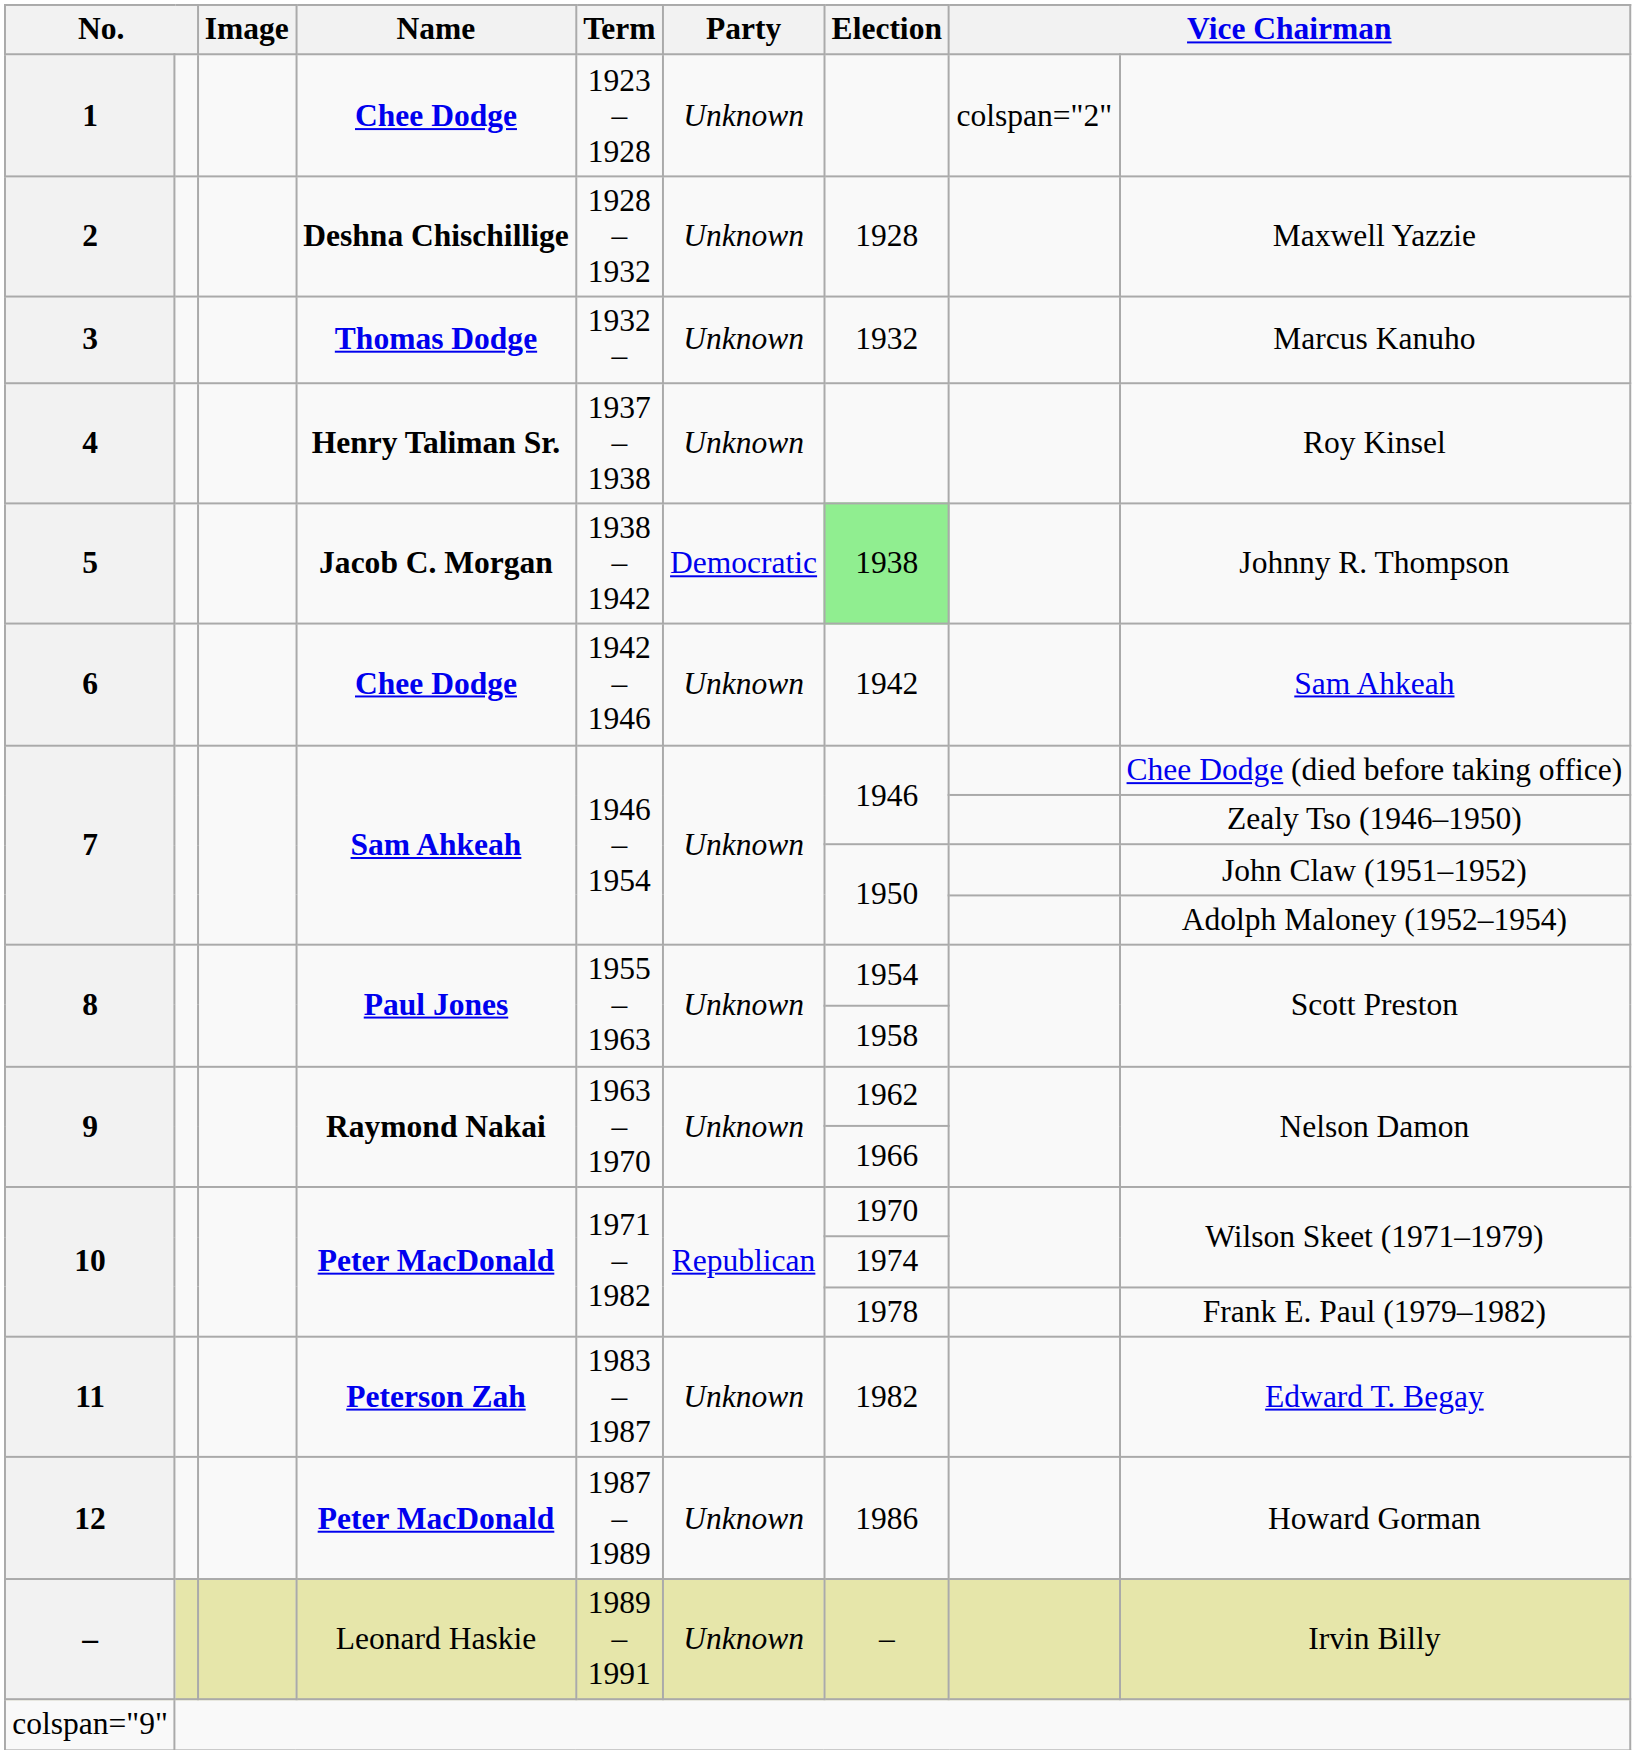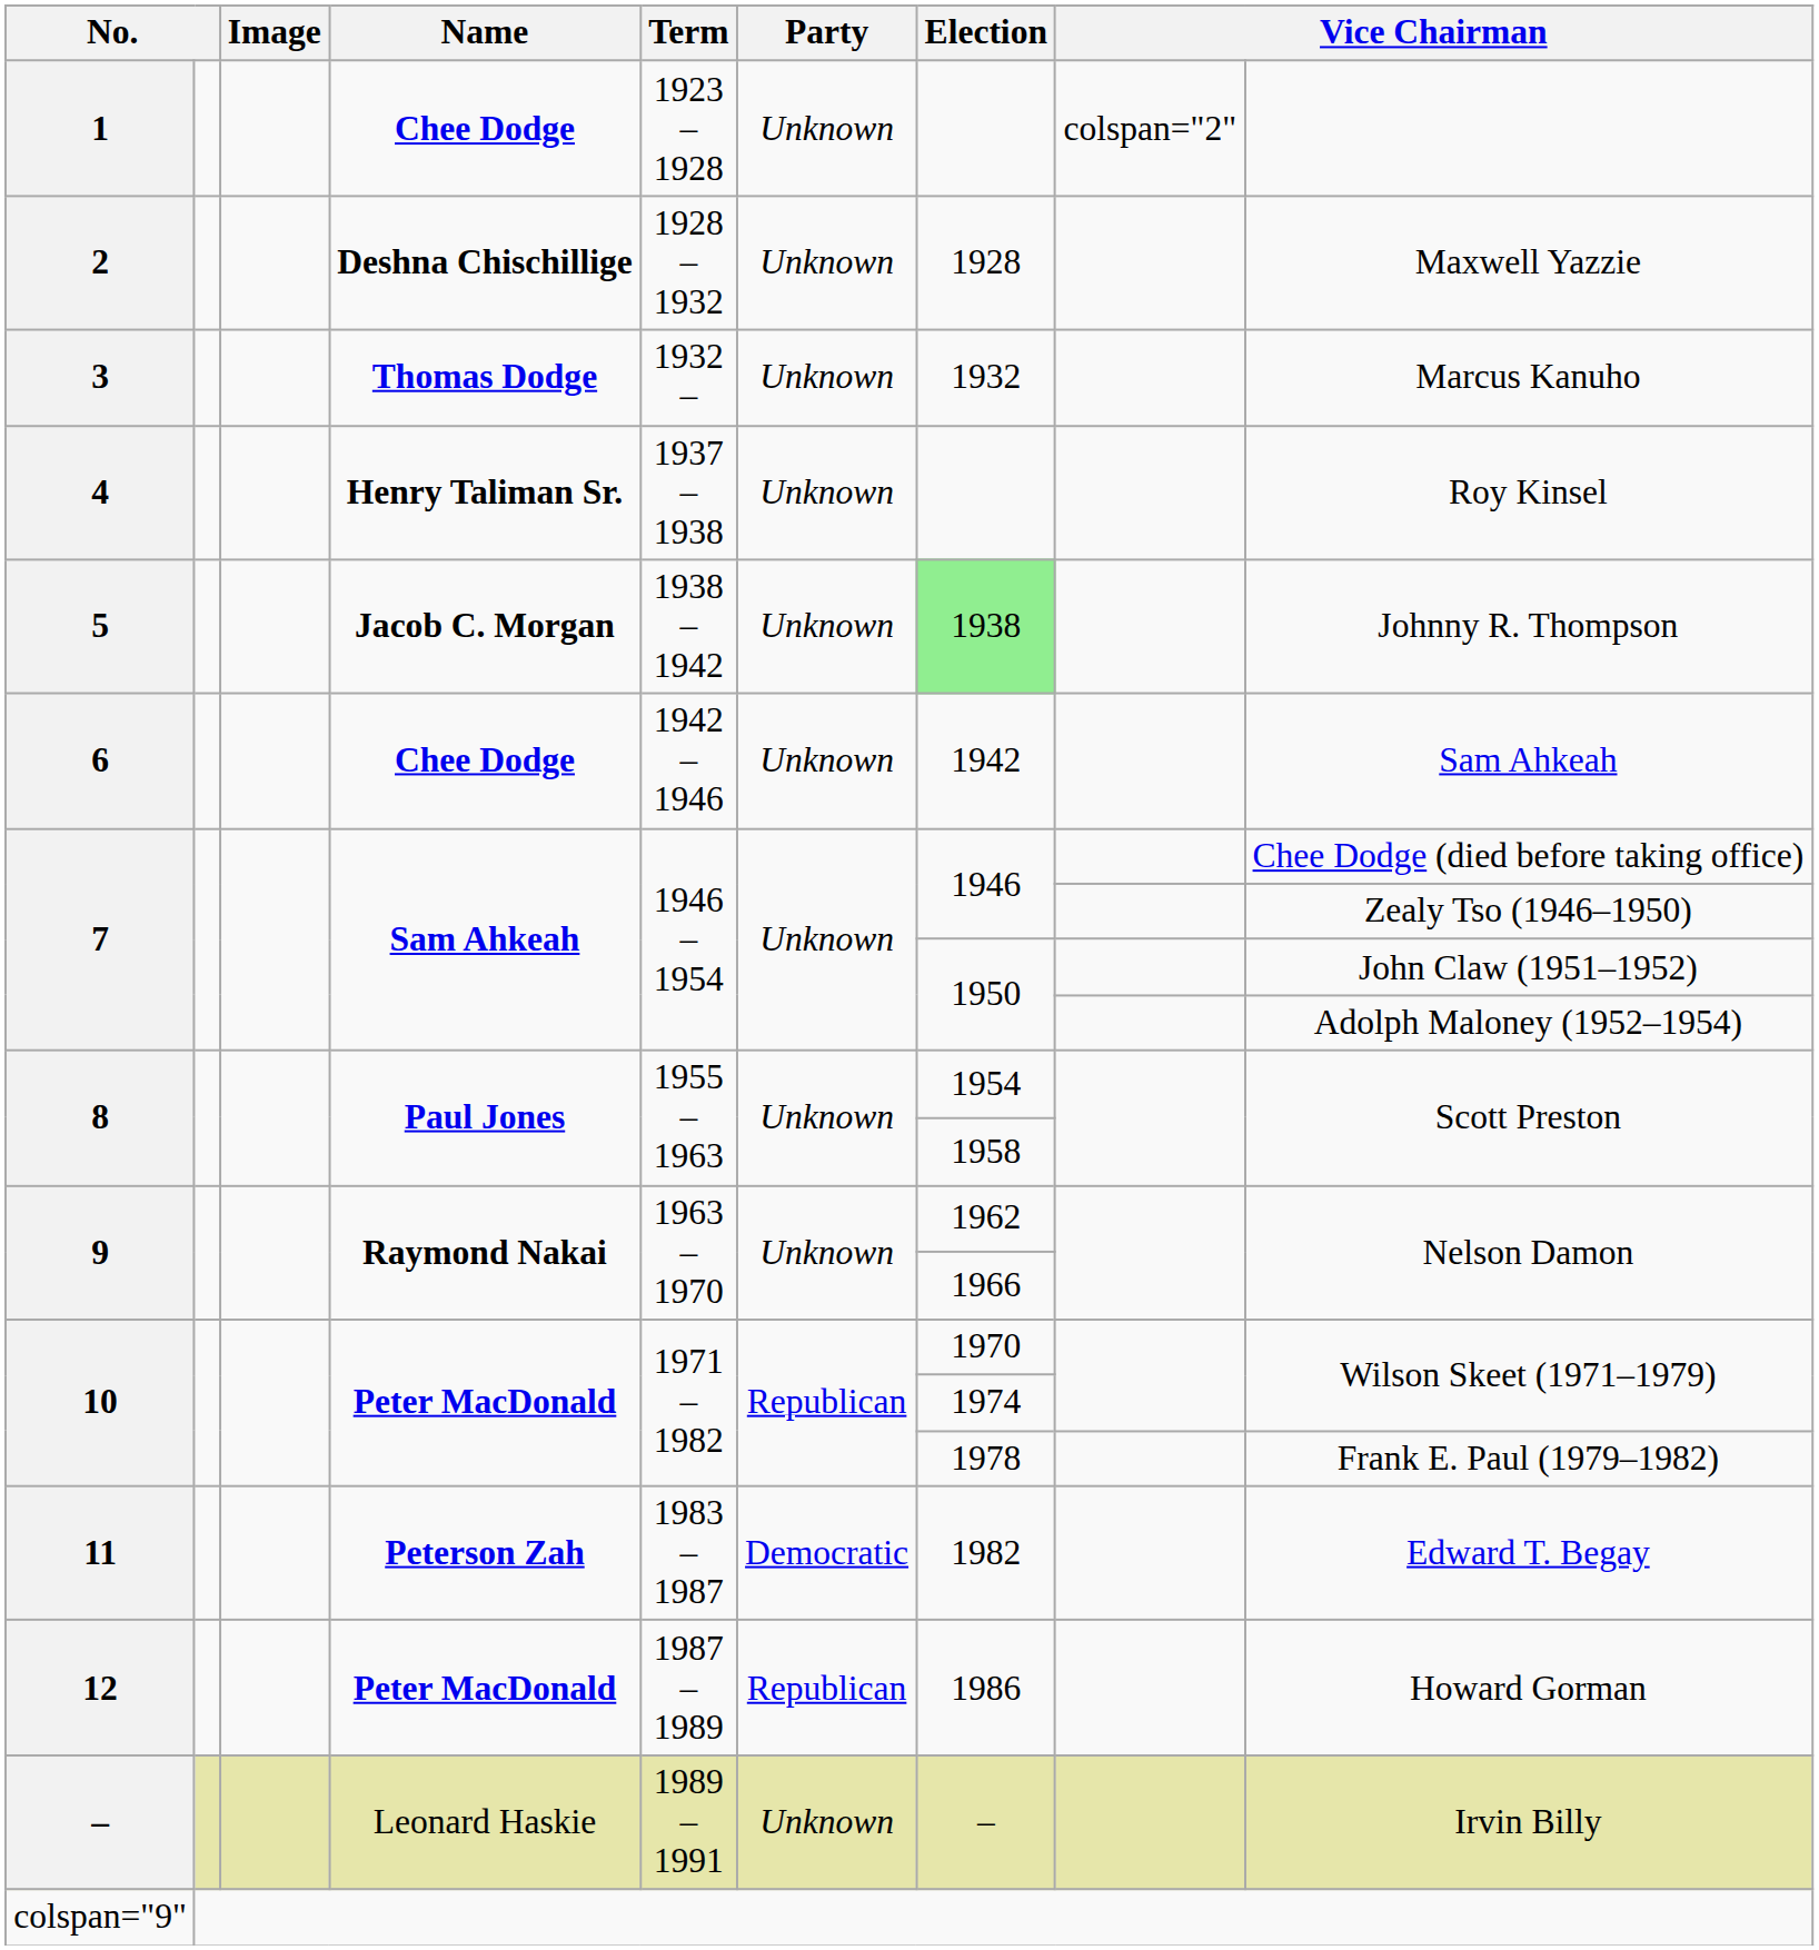 <table class="wikitable" style="text-align:center;">
 <tr>
 <th colspan="2">No.</th>
 <th>Image</th>
 <th>Name</th>
 <th>Term</th>
 <th>Party</th>
 <th>Election</th>
 <th colspan="2"><a href='#'>Vice Chairman</a></th>
 </tr>
 <tr>
 <th>1</th>
 <td></td>
 <td></td>
 <td><strong><a href='#'>Chee Dodge</a></strong><br></td>
 <td>1923<br>–<br>1928</td>
 <td><em>Unknown</em></td>
 <td></td>
 <td>colspan="2" </td>
 </tr>
 <tr>
 <th>2</th>
 <td></td>
 <td></td>
 <td><strong>Deshna Chischillige</strong><br></td>
 <td>1928<br>–<br>1932</td>
 <td><em>Unknown</em></td>
 <td>1928</td>
 <td></td>
 <td>Maxwell Yazzie</td>
 </tr>
 <tr>
 <th>3</th>
 <td> </td>
 <td></td>
 <td><strong><a href='#'>Thomas Dodge</a></strong><br></td>
 <td>1932<br>–<br></td>
 <td><em>Unknown</em></td>
 <td>1932</td>
 <td></td>
 <td>Marcus Kanuho</td>
 </tr>
 <tr>
 <th>4</th>
 <td></td>
 <td></td>
 <td><strong>Henry Taliman Sr.</strong><br></td>
 <td>1937<br>–<br>1938</td>
 <td><em>Unknown</em></td>
 <td></td>
 <td></td>
 <td>Roy Kinsel</td>
 </tr>
 <tr>
 <th>5</th>
 <td></td>
 <td></td>
 <td><strong>Jacob C. Morgan</strong><br></td>
 <td>1938<br>–<br>1942</td>
-<td><a href='#'>Democratic</a></td>
+<td><em>Unknown</em></td>
 <td style="background: lightgreen;">1938</td>
 <td></td>
 <td>Johnny R. Thompson</td>
 </tr>
 <tr>
 <th>6</th>
 <td></td>
 <td></td>
 <td><strong><a href='#'>Chee Dodge</a></strong><br></td>
 <td>1942<br>–<br>1946</td>
 <td><em>Unknown</em></td>
 <td>1942</td>
 <td></td>
 <td><a href='#'>Sam Ahkeah</a></td>
 </tr>
 <tr>
 <th rowspan="4">7</th>
 <td rowspan="4"> </td>
 <td rowspan="4"></td>
 <td rowspan="4"><strong><a href='#'>Sam Ahkeah</a></strong><br></td>
 <td rowspan="4">1946<br>–<br>1954</td>
 <td rowspan="4"><em>Unknown</em></td>
 <td rowspan="2">1946</td>
 <td></td>
 <td><a href='#'>Chee Dodge</a> (died before taking office)</td>
 </tr>
 <tr>
 <td></td>
 <td>Zealy Tso (1946–1950)</td>
 </tr>
 <tr>
 <td rowspan="2">1950</td>
 <td></td>
 <td>John Claw (1951–1952)</td>
 </tr>
 <tr>
 <td></td>
 <td>Adolph Maloney (1952–1954)</td>
 </tr>
 <tr>
 <th rowspan="2">8</th>
 <td rowspan="2"> </td>
 <td rowspan="2"></td>
 <td rowspan="2"><strong><a href='#'>Paul Jones</a></strong><br></td>
 <td rowspan="2">1955<br>–<br>1963</td>
 <td rowspan="2"><em>Unknown</em></td>
 <td>1954</td>
 <td rowspan="2"> </td>
 <td rowspan="2">Scott Preston</td>
 </tr>
 <tr>
 <td>1958</td>
 </tr>
 <tr>
 <th rowspan="2">9</th>
 <td rowspan="2"> </td>
 <td rowspan="2"></td>
 <td rowspan="2"><strong>Raymond Nakai</strong><br></td>
 <td rowspan="2">1963<br>–<br>1970</td>
 <td rowspan="2"><em>Unknown</em></td>
 <td>1962</td>
 <td rowspan="2"> </td>
 <td rowspan="2">Nelson Damon</td>
 </tr>
 <tr>
 <td>1966</td>
 </tr>
 <tr>
 <th rowspan="3">10</th>
 <td rowspan="3" style="background-color:"> </td>
 <td rowspan="3"></td>
 <td rowspan="3"><strong><a href='#'>Peter MacDonald</a></strong><br></td>
 <td rowspan="3">1971<br>–<br>1982</td>
 <td rowspan="3"><a href='#'>Republican</a></td>
 <td>1970</td>
 <td rowspan="2"> </td>
 <td rowspan="2">Wilson Skeet (1971–1979)</td>
 </tr>
 <tr>
 <td>1974</td>
 </tr>
 <tr>
 <td>1978</td>
 <td> </td>
 <td>Frank E. Paul (1979–1982)</td>
 </tr>
 <tr>
 <th>11</th>
 <td style="background-color:"> </td>
 <td></td>
 <td><strong><a href='#'>Peterson Zah</a></strong><br></td>
 <td>1983<br>–<br>1987</td>
-<td><em>Unknown</em></td>
+<td><a href='#'>Democratic</a></td>
 <td>1982</td>
 <td></td>
 <td><a href='#'>Edward T. Begay</a></td>
 </tr>
 <tr>
 <th>12</th>
 <td style="background-color:"> </td>
 <td></td>
 <td><strong><a href='#'>Peter MacDonald</a></strong><br></td>
 <td>1987<br>–<br>1989</td>
-<td><em>Unknown</em></td>
+<td><a href='#'>Republican</a></td>
 <td>1986</td>
 <td></td>
 <td>Howard Gorman</td>
 </tr>
 <tr style="background:#e6e6aa;">
 <th>–</th>
 <td></td>
 <td></td>
 <td>Leonard Haskie<br></td>
 <td>1989<br>–<br>1991</td>
 <td><em>Unknown</em></td>
 <td>–</td>
 <td></td>
 <td>Irvin Billy</td>
 </tr>
 <tr>
 <td>colspan="9" </td>
 </tr>
 </table>
